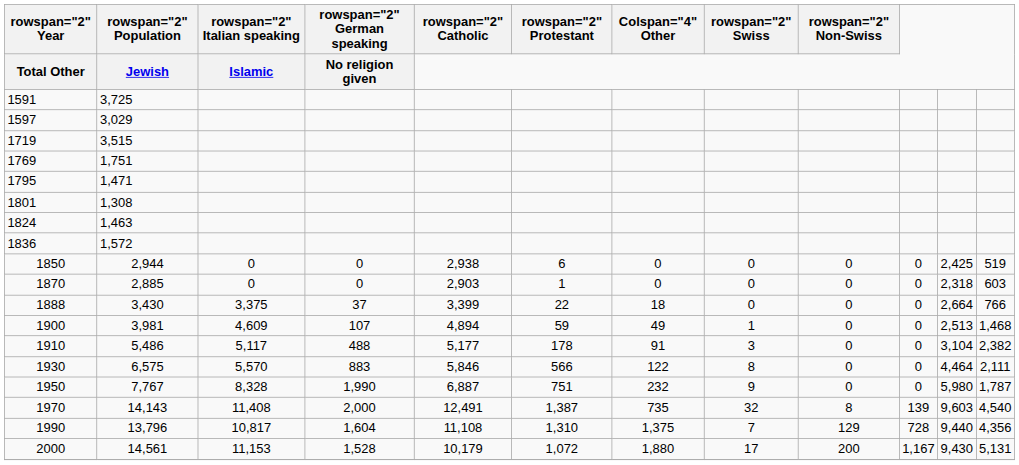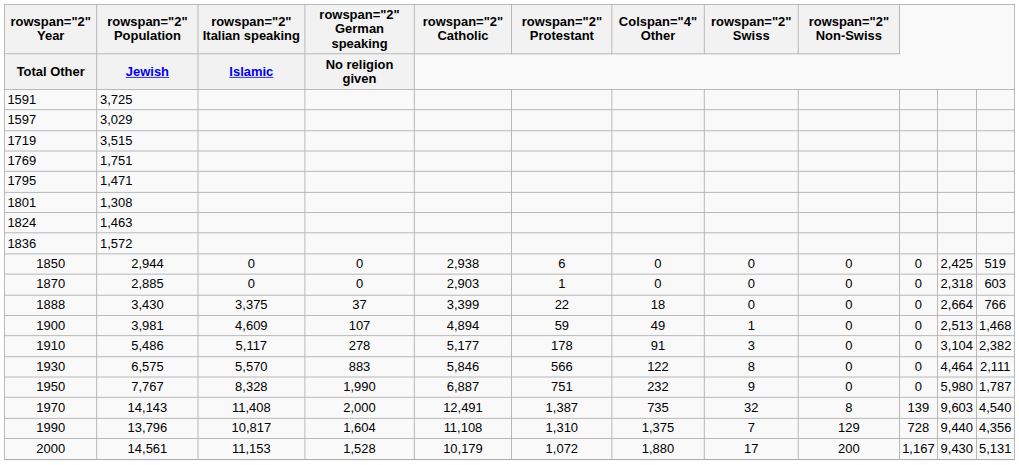 <table class="wikitable">
 <tr>
 <th>rowspan="2"  Year</th>
 <th>rowspan="2"  Population</th>
 <th>rowspan="2"  Italian speaking</th>
 <th>rowspan="2"  German speaking</th>
 <th>rowspan="2"  Catholic</th>
 <th>rowspan="2"  Protestant</th>
 <th>Colspan="4" Other</th>
 <th>rowspan="2"  Swiss</th>
 <th>rowspan="2"  Non-Swiss</th>
 </tr>
 <tr>
 <th>Total Other</th>
 <th><a href='#'>Jewish</a></th>
 <th><a href='#'>Islamic</a></th>
 <th>No religion given</th>
 </tr>
 <tr>
 <td>1591</td>
 <td>3,725</td>
 <td></td>
 <td></td>
 <td></td>
 <td></td>
 <td></td>
 <td></td>
 <td></td>
 <td></td>
 <td></td>
 <td></td>
 </tr>
 <tr>
 <td>1597</td>
 <td>3,029</td>
 <td></td>
 <td></td>
 <td></td>
 <td></td>
 <td></td>
 <td></td>
 <td></td>
 <td></td>
 <td></td>
 <td></td>
 </tr>
 <tr>
 <td>1719</td>
 <td>3,515</td>
 <td></td>
 <td></td>
 <td></td>
 <td></td>
 <td></td>
 <td></td>
 <td></td>
 <td></td>
 <td></td>
 <td></td>
 </tr>
 <tr>
 <td>1769</td>
 <td>1,751</td>
 <td></td>
 <td></td>
 <td></td>
 <td></td>
 <td></td>
 <td></td>
 <td></td>
 <td></td>
 <td></td>
 <td></td>
 </tr>
 <tr>
 <td>1795</td>
 <td>1,471</td>
 <td></td>
 <td></td>
 <td></td>
 <td></td>
 <td></td>
 <td></td>
 <td></td>
 <td></td>
 <td></td>
 <td></td>
 </tr>
 <tr>
 <td>1801</td>
 <td>1,308</td>
 <td></td>
 <td></td>
 <td></td>
 <td></td>
 <td></td>
 <td></td>
 <td></td>
 <td></td>
 <td></td>
 <td></td>
 </tr>
 <tr>
 <td>1824</td>
 <td>1,463</td>
 <td></td>
 <td></td>
 <td></td>
 <td></td>
 <td></td>
 <td></td>
 <td></td>
 <td></td>
 <td></td>
 <td></td>
 </tr>
 <tr>
 <td>1836</td>
 <td>1,572</td>
 <td></td>
 <td></td>
 <td></td>
 <td></td>
 <td></td>
 <td></td>
 <td></td>
 <td></td>
 <td></td>
 <td></td>
 </tr>
 <tr>
 <td align="center">1850</td>
 <td align="center">2,944</td>
 <td align="center">0</td>
 <td align="center">0</td>
 <td align="center">2,938</td>
 <td align="center">6</td>
 <td align="center">0</td>
 <td align="center">0</td>
 <td align="center">0</td>
 <td align="center">0</td>
 <td align="center">2,425</td>
 <td align="center">519</td>
 </tr>
 <tr>
 <td align="center">1870</td>
 <td align="center">2,885</td>
 <td align="center">0</td>
 <td align="center">0</td>
 <td align="center">2,903</td>
 <td align="center">1</td>
 <td align="center">0</td>
 <td align="center">0</td>
 <td align="center">0</td>
 <td align="center">0</td>
 <td align="center">2,318</td>
 <td align="center">603</td>
 </tr>
 <tr>
 <td align="center">1888</td>
 <td align="center">3,430</td>
 <td align="center">3,375</td>
 <td align="center">37</td>
 <td align="center">3,399</td>
 <td align="center">22</td>
 <td align="center">18</td>
 <td align="center">0</td>
 <td align="center">0</td>
 <td align="center">0</td>
 <td align="center">2,664</td>
 <td align="center">766</td>
 </tr>
 <tr>
 <td align="center">1900</td>
 <td align="center">3,981</td>
 <td align="center">4,609</td>
 <td align="center">107</td>
 <td align="center">4,894</td>
 <td align="center">59</td>
 <td align="center">49</td>
 <td align="center">1</td>
 <td align="center">0</td>
 <td align="center">0</td>
 <td align="center">2,513</td>
 <td align="center">1,468</td>
 </tr>
 <tr>
 <td align="center">1910</td>
 <td align="center">5,486</td>
 <td align="center">5,117</td>
-<td align="center">488</td>
+<td align="center">278</td>
 <td align="center">5,177</td>
 <td align="center">178</td>
 <td align="center">91</td>
 <td align="center">3</td>
 <td align="center">0</td>
 <td align="center">0</td>
 <td align="center">3,104</td>
 <td align="center">2,382</td>
 </tr>
 <tr>
 <td align="center">1930</td>
 <td align="center">6,575</td>
 <td align="center">5,570</td>
 <td align="center">883</td>
 <td align="center">5,846</td>
 <td align="center">566</td>
 <td align="center">122</td>
 <td align="center">8</td>
 <td align="center">0</td>
 <td align="center">0</td>
 <td align="center">4,464</td>
 <td align="center">2,111</td>
 </tr>
 <tr>
 <td align="center">1950</td>
 <td align="center">7,767</td>
 <td align="center">8,328</td>
 <td align="center">1,990</td>
 <td align="center">6,887</td>
 <td align="center">751</td>
 <td align="center">232</td>
 <td align="center">9</td>
 <td align="center">0</td>
 <td align="center">0</td>
 <td align="center">5,980</td>
 <td align="center">1,787</td>
 </tr>
 <tr>
 <td align="center">1970</td>
 <td align="center">14,143</td>
 <td align="center">11,408</td>
 <td align="center">2,000</td>
 <td align="center">12,491</td>
 <td align="center">1,387</td>
 <td align="center">735</td>
 <td align="center">32</td>
 <td align="center">8</td>
 <td align="center">139</td>
 <td align="center">9,603</td>
 <td align="center">4,540</td>
 </tr>
 <tr>
 <td align="center">1990</td>
 <td align="center">13,796</td>
 <td align="center">10,817</td>
 <td align="center">1,604</td>
 <td align="center">11,108</td>
 <td align="center">1,310</td>
 <td align="center">1,375</td>
 <td align="center">7</td>
 <td align="center">129</td>
 <td align="center">728</td>
 <td align="center">9,440</td>
 <td align="center">4,356</td>
 </tr>
 <tr>
 <td align="center">2000</td>
 <td align="center">14,561</td>
 <td align="center">11,153</td>
 <td align="center">1,528</td>
 <td align="center">10,179</td>
 <td align="center">1,072</td>
 <td align="center">1,880</td>
 <td align="center">17</td>
 <td align="center">200</td>
 <td align="center">1,167</td>
 <td align="center">9,430</td>
 <td align="center">5,131</td>
 </tr>
 <tr>
 </tr>
 </table>
